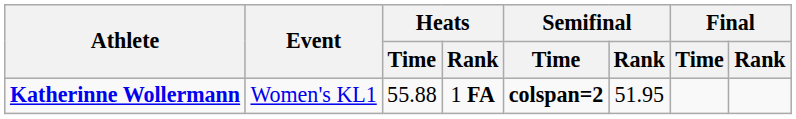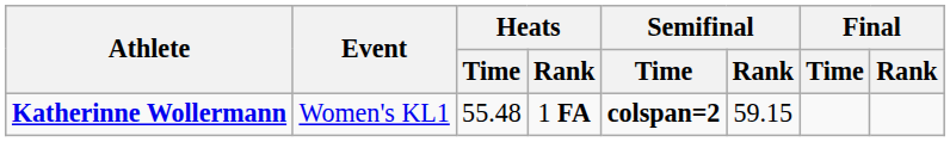 <table class="wikitable" style="font-size:90%">
 <tr>
 <th rowspan="2">Athlete</th>
 <th rowspan="2">Event</th>
 <th colspan="2">Heats</th>
 <th colspan="2">Semifinal</th>
 <th colspan="2">Final</th>
 </tr>
 <tr>
 <th>Time</th>
 <th>Rank</th>
 <th>Time</th>
 <th>Rank</th>
 <th>Time</th>
 <th>Rank</th>
 </tr>
 <tr align=center>
 <td align=left><strong><a href='#'>Katherinne Wollermann</a></strong></td>
 <td align=left><a href='#'>Women's KL1</a></td>
-<td>55.88</td>
+<td>55.48</td>
 <td>1 <strong>FA</strong></td>
 <td><strong>colspan=2 </strong></td>
-<td>51.95</td>
+<td>59.15</td>
 <td></td>
 </tr>
 </table>
